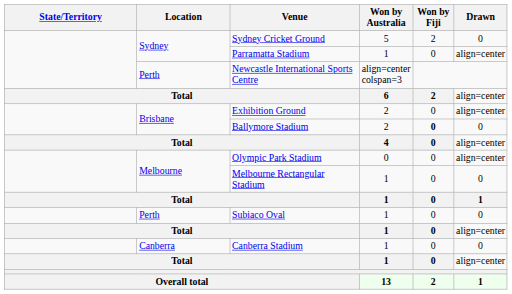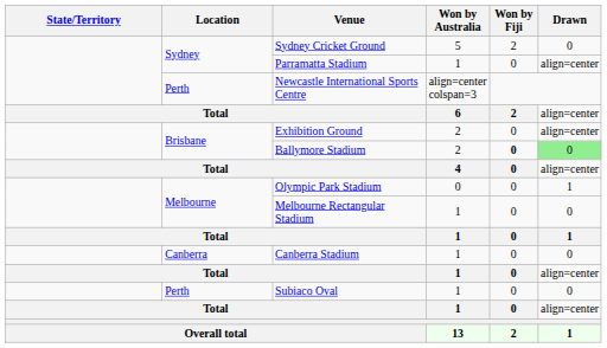 <table class="wikitable">
 <tr>
 <th width=210px><a href='#'>State/Territory</a></th>
 <th width=145px>Location</th>
 <th width=205px>Venue</th>
 <th width=60px>Won by<br>Australia</th>
 <th width=60px>Won by<br>Fiji</th>
 <th width=60px>Drawn</th>
 </tr>
 <tr>
 <td rowspan=3></td>
 <td rowspan=2><a href='#'>Sydney</a></td>
 <td><a href='#'>Sydney Cricket Ground</a></td>
 <td align=center>5</td>
 <td align=center>2</td>
 <td align=center>0</td>
 </tr>
 <tr>
 <td><a href='#'>Parramatta Stadium</a></td>
 <td align=center>1</td>
 <td align=center>0</td>
 <td>align=center </td>
 </tr>
 <tr>
 <td><a href='#'>Perth</a></td>
 <td><a href='#'>Newcastle International Sports Centre</a></td>
 <td>align=center colspan=3 </td>
 </tr>
 <tr>
 <th align=center colspan=3>Total</th>
 <th align=center>6</th>
 <th align=center>2</th>
 <td>align=center </td>
 </tr>
 <tr>
 <td rowspan=2></td>
 <td rowspan=2><a href='#'>Brisbane</a></td>
 <td><a href='#'>Exhibition Ground</a></td>
 <td align=center>2</td>
 <td align=center>0</td>
 <td>align=center </td>
 </tr>
 <tr>
 <td><a href='#'>Ballymore Stadium</a></td>
 <td align=center>2</td>
 <td align=center><strong>0</strong></td>
-<td align=center>0</td>
+<td align=center style="background: lightgreen;">0</td>
 </tr>
 <tr>
 <th align=center colspan=3>Total</th>
 <th align=center>4</th>
 <th align=center>0</th>
 <td>align=center </td>
 </tr>
 <tr>
 <td rowspan=2></td>
 <td rowspan=2><a href='#'>Melbourne</a></td>
 <td><a href='#'>Olympic Park Stadium</a></td>
 <td align=center>0</td>
 <td align=center>0</td>
-<td>align=center </td>
+<td align=center>1</td>
 </tr>
 <tr>
 <td><a href='#'>Melbourne Rectangular Stadium</a></td>
 <td align=center>1</td>
 <td align=center>0</td>
 <td align=center>0</td>
 </tr>
 <tr>
 <th align=center colspan=3>Total</th>
 <th align=center>1</th>
 <th align=center>0</th>
 <th align=center>1</th>
 </tr>
 <tr>
 <td></td>
-<td><a href='#'>Perth</a></td>
-<td><a href='#'>Subiaco Oval</a></td>
+<td><a href='#'>Canberra</a></td>
+<td><a href='#'>Canberra Stadium</a></td>
 <td align=center>1</td>
 <td align=center>0</td>
 <td align=center>0</td>
 </tr>
 <tr>
 <th align=center colspan=3>Total</th>
 <th align=center>1</th>
 <th align=center>0</th>
 <td>align=center </td>
 </tr>
 <tr>
 <td></td>
-<td><a href='#'>Canberra</a></td>
-<td><a href='#'>Canberra Stadium</a></td>
+<td><a href='#'>Perth</a></td>
+<td><a href='#'>Subiaco Oval</a></td>
 <td align=center>1</td>
 <td align=center>0</td>
 <td align=center>0</td>
 </tr>
 <tr>
 <th align=center colspan=3>Total</th>
 <th align=center>1</th>
 <th align=center>0</th>
 <td>align=center </td>
 </tr>
 <tr>
 <th colspan=6></th>
 </tr>
 <tr>
 <th align=center colspan=3>Overall total</th>
 <td align=center bgcolor=#EEFFEE><strong>13</strong></td>
 <td align=center bgcolor=#EEFFEE><strong>2</strong></td>
 <td align=center bgcolor=#EEFFEE><strong>1</strong></td>
 </tr>
 </table>
